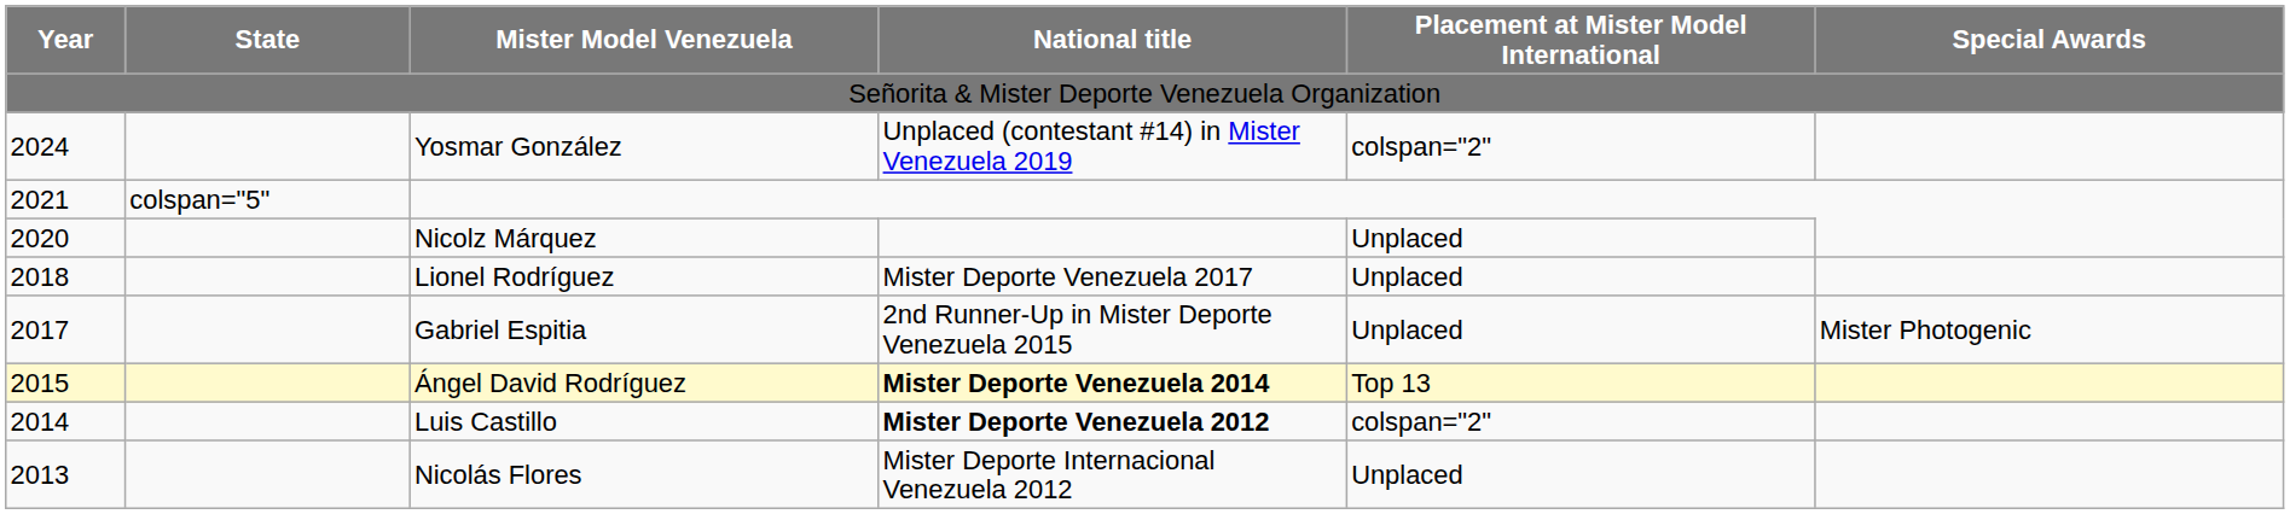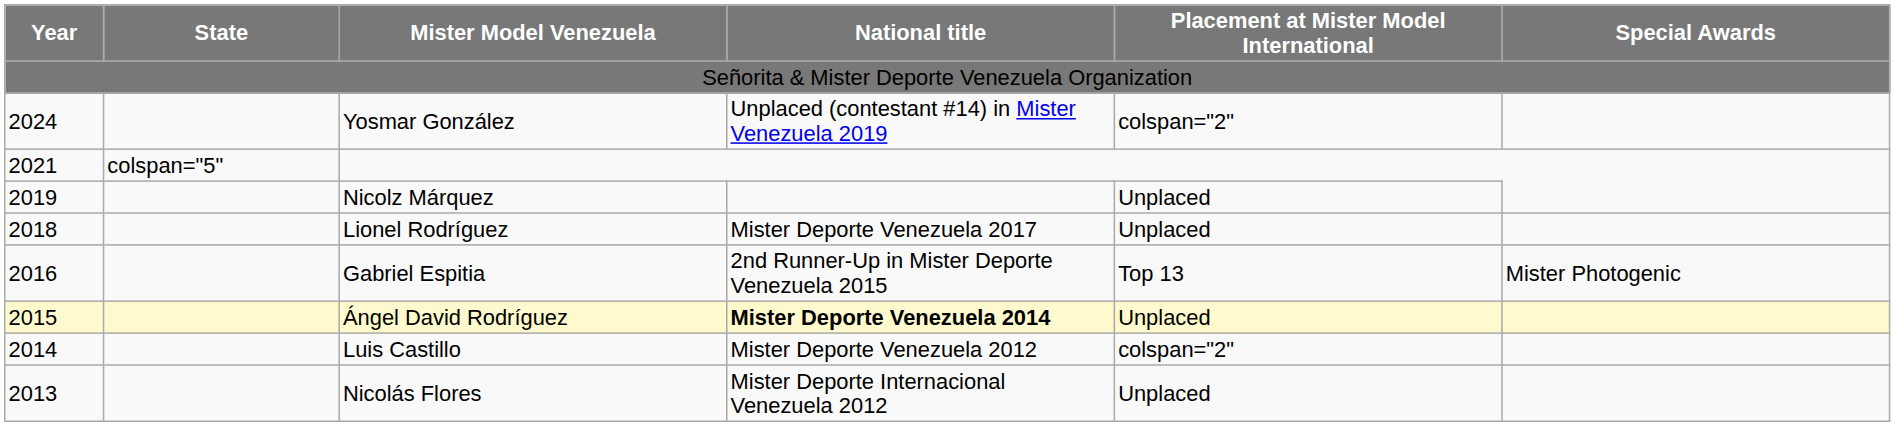 <table class="sortable" border="5" cellpadding="2" cellspacing="0" align=" 0 1em 0 0" style="background: #f9f9f9; border: 1px #aaa solid; border-collapse: collapse; font-size: 90%">
 <tr>
 <th width="60" style="background-color:#787878;color:#FFFFFF;">Year</th>
 <th width="150" style="background-color:#787878;color:#FFFFFF;">State</th>
 <th width="250" style="background-color:#787878;color:#FFFFFF;">Mister Model Venezuela</th>
 <th width="250" style="background-color:#787878;color:#FFFFFF;">National title</th>
 <th width="250" style="background-color:#787878;color:#FFFFFF;">Placement at Mister Model International</th>
 <th width="250" style="background-color:#787878;color:#FFFFFF;">Special Awards</th>
 </tr>
 <tr bgcolor="#787878" align="center">
 <td colspan="6"><span>Señorita & Mister Deporte Venezuela Organization</span></td>
 </tr>
 <tr>
 <td>2024</td>
 <td></td>
 <td>Yosmar González</td>
 <td>Unplaced (contestant #14) in <a href='#'>Mister Venezuela 2019</a></td>
 <td>colspan="2" </td>
 <td></td>
 </tr>
 <tr>
 <td>2021</td>
 <td>colspan="5" </td>
 </tr>
 <tr>
-<td>2020</td>
+<td>2019</td>
 <td></td>
 <td>Nicolz Márquez</td>
 <td></td>
 <td>Unplaced</td>
 </tr>
 <tr>
 <td>2018</td>
 <td></td>
 <td>Lionel Rodríguez</td>
 <td>Mister Deporte Venezuela 2017</td>
 <td>Unplaced</td>
 <td></td>
 </tr>
 <tr>
-<td>2017</td>
+<td>2016</td>
 <td></td>
 <td>Gabriel Espitia</td>
 <td>2nd Runner-Up in Mister Deporte Venezuela 2015</td>
-<td>Unplaced</td>
+<td>Top 13</td>
 <td>Mister Photogenic</td>
 </tr>
 <tr bgcolor="#FFFACD">
 <td>2015</td>
 <td></td>
 <td>Ángel David Rodríguez</td>
 <td><strong>Mister Deporte Venezuela 2014</strong></td>
-<td>Top 13</td>
+<td>Unplaced</td>
 <td></td>
 </tr>
 <tr>
 <td>2014</td>
 <td></td>
 <td>Luis Castillo</td>
-<td><strong>Mister Deporte Venezuela 2012</strong></td>
+<td>Mister Deporte Venezuela 2012</td>
 <td>colspan="2" </td>
 </tr>
 <tr>
 <td>2013</td>
 <td></td>
 <td>Nicolás Flores</td>
 <td>Mister Deporte Internacional Venezuela 2012</td>
 <td>Unplaced</td>
 <td></td>
 </tr>
 </table>
